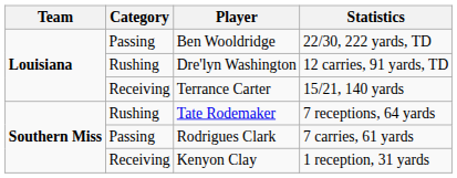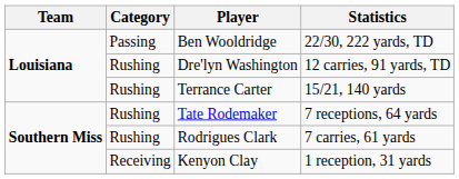 <table class="wikitable" style="float: right;">
 <tr>
 <th>Team</th>
 <th>Category</th>
 <th>Player</th>
 <th>Statistics</th>
 </tr>
 <tr>
 <td rowspan=3><strong>Louisiana</strong></td>
 <td>Passing</td>
 <td>Ben Wooldridge</td>
 <td>22/30, 222 yards, TD</td>
 </tr>
 <tr>
 <td>Rushing</td>
 <td>Dre'lyn Washington</td>
 <td>12 carries, 91 yards, TD</td>
 </tr>
 <tr>
-<td>Receiving</td>
+<td>Rushing</td>
 <td>Terrance Carter</td>
 <td>15/21, 140 yards</td>
 </tr>
 <tr>
 <td rowspan=3><strong>Southern Miss</strong></td>
 <td>Rushing</td>
 <td><a href='#'>Tate Rodemaker</a></td>
 <td>7 receptions, 64 yards</td>
 </tr>
 <tr>
-<td>Passing</td>
+<td>Rushing</td>
 <td>Rodrigues Clark</td>
 <td>7 carries, 61 yards</td>
 </tr>
 <tr>
 <td>Receiving</td>
 <td>Kenyon Clay</td>
 <td>1 reception, 31 yards</td>
 </tr>
 </table>
